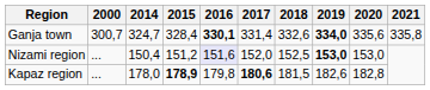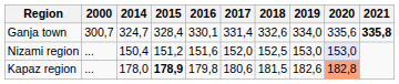 <table class="wikitable">
 <tr>
 <th>Region</th>
 <th>2000</th>
 <th>2014</th>
 <th>2015</th>
 <th>2016</th>
 <th>2017</th>
 <th>2018</th>
 <th>2019</th>
 <th>2020</th>
 <th>2021</th>
 </tr>
 <tr>
 <td>Ganja town</td>
 <td>300,7</td>
 <td>324,7</td>
 <td>328,4</td>
-<td><strong>330,1</strong></td>
+<td>330,1</td>
 <td>331,4</td>
 <td>332,6</td>
-<td><strong>334,0</strong></td>
+<td>334,0</td>
 <td>335,6</td>
-<td>335,8</td>
+<td><strong>335,8</strong></td>
 </tr>
 <tr>
 <td>Nizami region</td>
 <td>...</td>
 <td>150,4</td>
 <td>151,2</td>
-<td style="background: lavender;">151,6</td>
+<td>151,6</td>
 <td>152,0</td>
 <td>152,5</td>
-<td><strong>153,0</strong></td>
 <td>153,0</td>
+<td style="background: lavender;">153,0</td>
 </tr>
 <tr>
 <td>Kapaz region</td>
 <td>...</td>
 <td>178,0</td>
 <td><strong>178,9</strong></td>
 <td>179,8</td>
-<td><strong>180,6</strong></td>
+<td>180,6</td>
 <td>181,5</td>
 <td>182,6</td>
-<td>182,8</td>
+<td style="background: lightsalmon;">182,8</td>
 </tr>
 </table>
